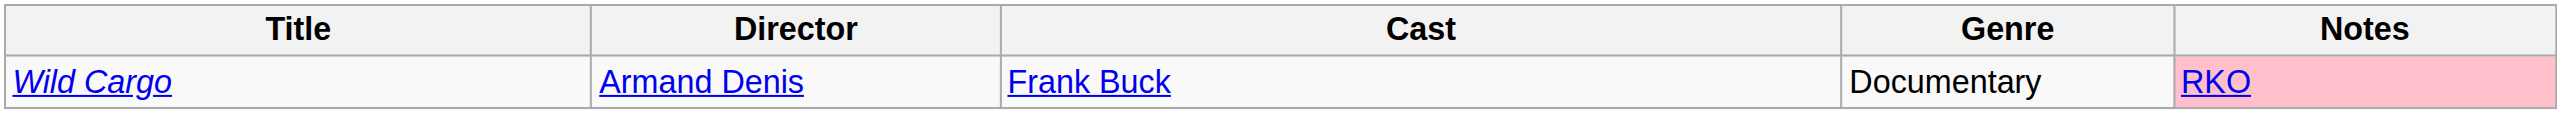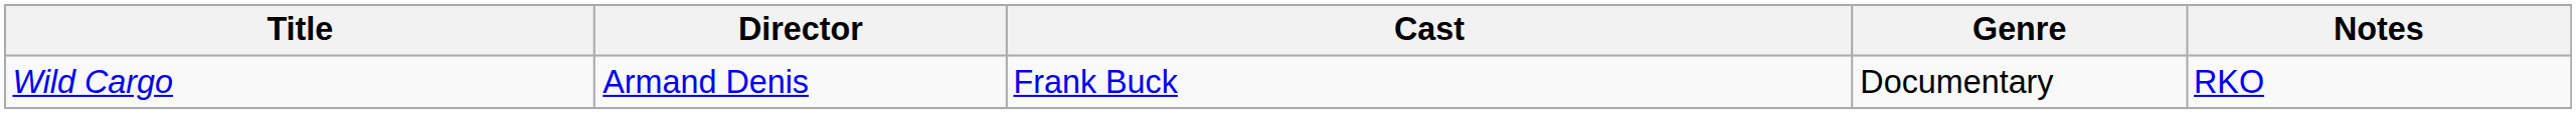 <table class="wikitable" style="width:100%;">
 <tr>
 <th style="width:23%;">Title</th>
 <th style="width:16%;">Director</th>
 <th style="width:33%;">Cast</th>
 <th style="width:13%;">Genre</th>
 <th style="width:15%;">Notes</th>
 </tr>
 <tr>
 <td><em><a href='#'>Wild Cargo</a></em></td>
 <td><a href='#'>Armand Denis</a></td>
 <td><a href='#'>Frank Buck</a></td>
 <td>Documentary</td>
-<td style="background: pink;"><a href='#'>RKO</a></td>
+<td><a href='#'>RKO</a></td>
 </tr>
 <tr>
 </tr>
 </table>
